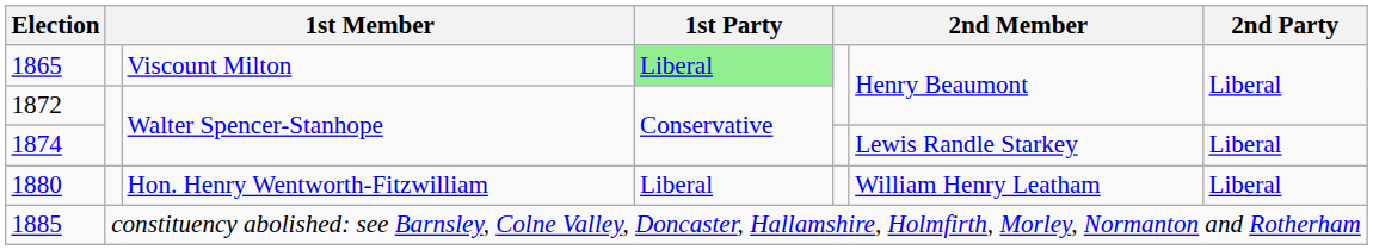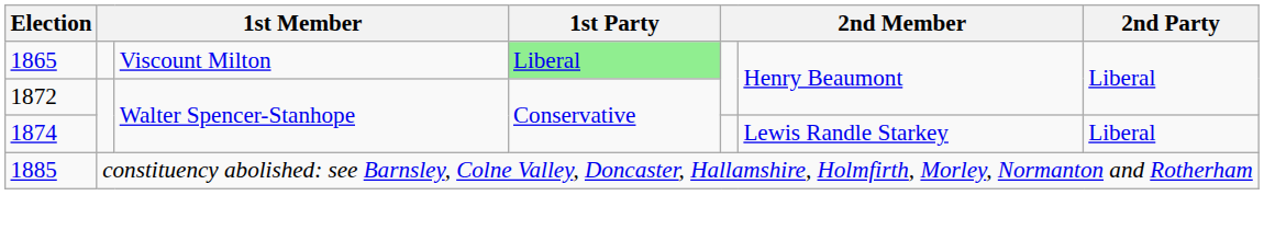 <table class="wikitable">
 <tr>
 <th>Election</th>
 <th colspan="2">1st Member</th>
 <th>1st Party</th>
 <th colspan="2">2nd Member</th>
 <th>2nd Party</th>
 </tr>
 <tr>
 <td><a href='#'>1865</a></td>
 <td style="color:inherit;background-color: "></td>
 <td><a href='#'>Viscount Milton</a></td>
 <td style="background: lightgreen;"><a href='#'>Liberal</a></td>
 <td rowspan="2" style="color:inherit;background-color: "></td>
 <td rowspan="2"><a href='#'>Henry Beaumont</a></td>
 <td rowspan="2"><a href='#'>Liberal</a></td>
 </tr>
 <tr>
 <td>1872</td>
 <td rowspan="2" style="color:inherit;background-color: "></td>
 <td rowspan="2"><a href='#'>Walter Spencer-Stanhope</a></td>
 <td rowspan="2"><a href='#'>Conservative</a></td>
 </tr>
 <tr>
 <td><a href='#'>1874</a></td>
 <td style="color:inherit;background-color: "></td>
 <td><a href='#'>Lewis Randle Starkey</a></td>
 <td><a href='#'>Liberal</a></td>
 </tr>
 <tr>
-<td><a href='#'>1880</a></td>
-<td style="color:inherit;background-color: "></td>
-<td><a href='#'>Hon. Henry Wentworth-Fitzwilliam</a></td>
-<td><a href='#'>Liberal</a></td>
-<td style="color:inherit;background-color: "></td>
-<td><a href='#'>William Henry Leatham</a></td>
-<td><a href='#'>Liberal</a></td>
-</tr>
-<tr>
 <td><a href='#'>1885</a></td>
 <td colspan="6"><em>constituency abolished: see <a href='#'>Barnsley</a>, <a href='#'>Colne Valley</a>, <a href='#'>Doncaster</a>, <a href='#'>Hallamshire</a>, <a href='#'>Holmfirth</a>, <a href='#'>Morley</a>, <a href='#'>Normanton</a> and <a href='#'>Rotherham</a></em></td>
 </tr>
 </table>
